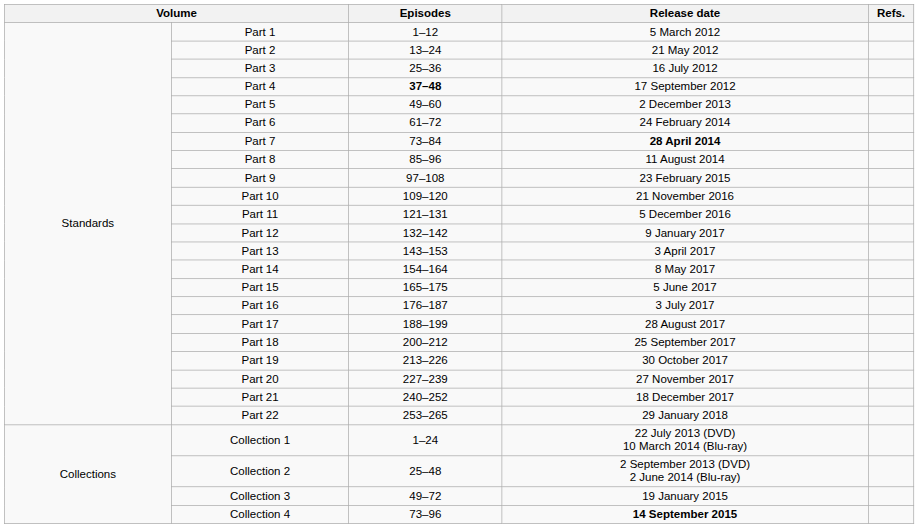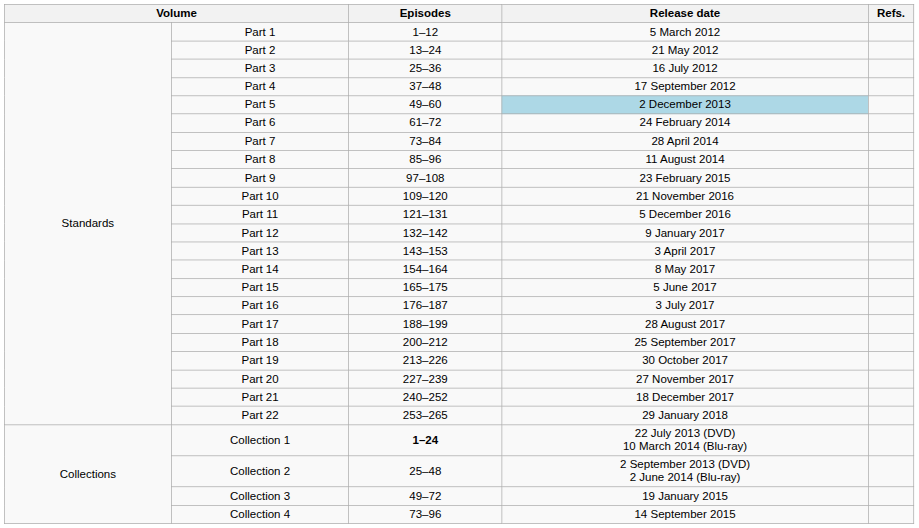 <table class="wikitable" style="text-align: center; width: 100%;">
 <tr>
 <th colspan="2">Volume</th>
 <th>Episodes</th>
 <th>Release date</th>
 <th width="5%">Refs.</th>
 </tr>
 <tr>
 <td rowspan="22">Standards</td>
 <td>Part 1</td>
 <td>1–12</td>
 <td>5 March 2012</td>
 <td></td>
 </tr>
 <tr>
 <td>Part 2</td>
 <td>13–24</td>
 <td>21 May 2012</td>
 <td></td>
 </tr>
 <tr>
 <td>Part 3</td>
 <td>25–36</td>
 <td>16 July 2012</td>
 <td></td>
 </tr>
 <tr>
 <td>Part 4</td>
-<td><strong>37–48</strong></td>
+<td>37–48</td>
 <td>17 September 2012</td>
 <td></td>
 </tr>
 <tr>
 <td>Part 5</td>
 <td>49–60</td>
-<td>2 December 2013</td>
+<td style="background: lightblue;">2 December 2013</td>
 <td></td>
 </tr>
 <tr>
 <td>Part 6</td>
 <td>61–72</td>
 <td>24 February 2014</td>
 <td></td>
 </tr>
 <tr>
 <td>Part 7</td>
 <td>73–84</td>
-<td><strong>28 April 2014</strong></td>
+<td>28 April 2014</td>
 <td></td>
 </tr>
 <tr>
 <td>Part 8</td>
 <td>85–96</td>
 <td>11 August 2014</td>
 <td></td>
 </tr>
 <tr>
 <td>Part 9</td>
 <td>97–108</td>
 <td>23 February 2015</td>
 <td></td>
 </tr>
 <tr>
 <td>Part 10</td>
 <td>109–120</td>
 <td>21 November 2016</td>
 <td></td>
 </tr>
 <tr>
 <td>Part 11</td>
 <td>121–131</td>
 <td>5 December 2016</td>
 <td></td>
 </tr>
 <tr>
 <td>Part 12</td>
 <td>132–142</td>
 <td>9 January 2017</td>
 <td></td>
 </tr>
 <tr>
 <td>Part 13</td>
 <td>143–153</td>
 <td>3 April 2017</td>
 <td></td>
 </tr>
 <tr>
 <td>Part 14</td>
 <td>154–164</td>
 <td>8 May 2017</td>
 <td></td>
 </tr>
 <tr>
 <td>Part 15</td>
 <td>165–175</td>
 <td>5 June 2017</td>
 <td></td>
 </tr>
 <tr>
 <td>Part 16</td>
 <td>176–187</td>
 <td>3 July 2017</td>
 <td></td>
 </tr>
 <tr>
 <td>Part 17</td>
 <td>188–199</td>
 <td>28 August 2017</td>
 <td></td>
 </tr>
 <tr>
 <td>Part 18</td>
 <td>200–212</td>
 <td>25 September 2017</td>
 <td></td>
 </tr>
 <tr>
 <td>Part 19</td>
 <td>213–226</td>
 <td>30 October 2017</td>
 <td></td>
 </tr>
 <tr>
 <td>Part 20</td>
 <td>227–239</td>
 <td>27 November 2017</td>
 <td></td>
 </tr>
 <tr>
 <td>Part 21</td>
 <td>240–252</td>
 <td>18 December 2017</td>
 <td></td>
 </tr>
 <tr>
 <td>Part 22</td>
 <td>253–265</td>
 <td>29 January 2018</td>
 <td></td>
 </tr>
 <tr>
 <td rowspan="4">Collections</td>
 <td>Collection 1</td>
-<td>1–24</td>
+<td><strong>1–24</strong></td>
 <td>22 July 2013 (DVD)<br>10 March 2014 (Blu-ray)</td>
 <td><br></td>
 </tr>
 <tr>
 <td>Collection 2</td>
 <td>25–48</td>
 <td>2 September 2013 (DVD)<br>2 June 2014 (Blu-ray)</td>
 <td><br></td>
 </tr>
 <tr>
 <td>Collection 3</td>
 <td>49–72</td>
 <td>19 January 2015</td>
 <td></td>
 </tr>
 <tr>
 <td>Collection 4</td>
 <td>73–96</td>
-<td><strong>14 September 2015</strong></td>
+<td>14 September 2015</td>
 <td></td>
 </tr>
 </table>
